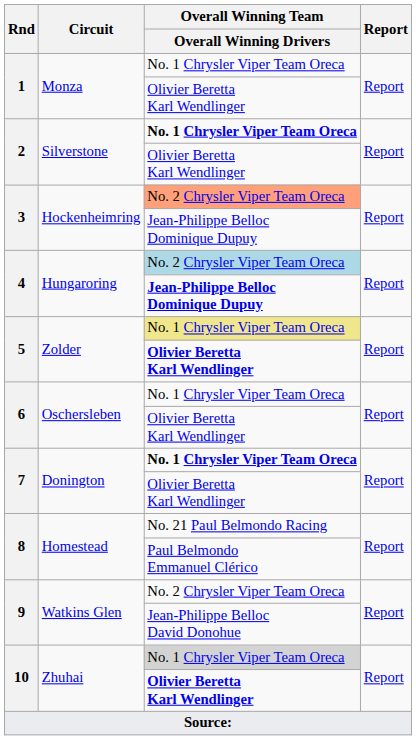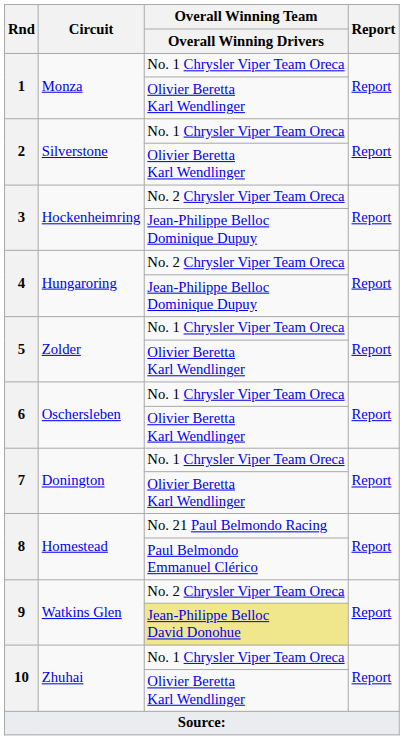 <table class="wikitable" style="font-size: 90%;">
 <tr>
 <th rowspan=2>Rnd</th>
 <th rowspan=2>Circuit</th>
 <th>Overall Winning Team</th>
 <th rowspan=2>Report</th>
 </tr>
 <tr>
 <th>Overall Winning Drivers</th>
 </tr>
 <tr>
 <th rowspan=2>1</th>
 <td rowspan=2><a href='#'>Monza</a></td>
 <td> No. 1 <a href='#'>Chrysler Viper Team Oreca</a></td>
 <td rowspan=2><a href='#'>Report</a></td>
 </tr>
 <tr>
 <td> <a href='#'>Olivier Beretta</a><br> <a href='#'>Karl Wendlinger</a></td>
 </tr>
 <tr>
 <th rowspan=2>2</th>
 <td rowspan=2><a href='#'>Silverstone</a></td>
-<td><strong> No. 1 <a href='#'>Chrysler Viper Team Oreca</a></strong></td>
+<td> No. 1 <a href='#'>Chrysler Viper Team Oreca</a></td>
 <td rowspan=2><a href='#'>Report</a></td>
 </tr>
 <tr>
 <td> <a href='#'>Olivier Beretta</a><br> <a href='#'>Karl Wendlinger</a></td>
 </tr>
 <tr>
 <th rowspan=2>3</th>
 <td rowspan=2><a href='#'>Hockenheimring</a></td>
-<td style="background: lightsalmon;"> No. 2 <a href='#'>Chrysler Viper Team Oreca</a></td>
+<td> No. 2 <a href='#'>Chrysler Viper Team Oreca</a></td>
 <td rowspan=2><a href='#'>Report</a></td>
 </tr>
 <tr>
 <td> <a href='#'>Jean-Philippe Belloc</a><br> <a href='#'>Dominique Dupuy</a></td>
 </tr>
 <tr>
 <th rowspan=2>4</th>
 <td rowspan=2><a href='#'>Hungaroring</a></td>
-<td style="background: lightblue;"> No. 2 <a href='#'>Chrysler Viper Team Oreca</a></td>
+<td> No. 2 <a href='#'>Chrysler Viper Team Oreca</a></td>
 <td rowspan=2><a href='#'>Report</a></td>
 </tr>
 <tr>
-<td><strong> <a href='#'>Jean-Philippe Belloc</a><br> <a href='#'>Dominique Dupuy</a></strong></td>
+<td> <a href='#'>Jean-Philippe Belloc</a><br> <a href='#'>Dominique Dupuy</a></td>
 </tr>
 <tr>
 <th rowspan=2>5</th>
 <td rowspan=2><a href='#'>Zolder</a></td>
-<td style="background: khaki;"> No. 1 <a href='#'>Chrysler Viper Team Oreca</a></td>
+<td> No. 1 <a href='#'>Chrysler Viper Team Oreca</a></td>
 <td rowspan=2><a href='#'>Report</a></td>
 </tr>
 <tr>
-<td><strong> <a href='#'>Olivier Beretta</a><br> <a href='#'>Karl Wendlinger</a></strong></td>
+<td> <a href='#'>Olivier Beretta</a><br> <a href='#'>Karl Wendlinger</a></td>
 </tr>
 <tr>
 <th rowspan=2>6</th>
 <td rowspan=2><a href='#'>Oschersleben</a></td>
 <td> No. 1 <a href='#'>Chrysler Viper Team Oreca</a></td>
 <td rowspan=2><a href='#'>Report</a></td>
 </tr>
 <tr>
 <td> <a href='#'>Olivier Beretta</a><br> <a href='#'>Karl Wendlinger</a></td>
 </tr>
 <tr>
 <th rowspan=2>7</th>
 <td rowspan=2><a href='#'>Donington</a></td>
-<td><strong> No. 1 <a href='#'>Chrysler Viper Team Oreca</a></strong></td>
+<td> No. 1 <a href='#'>Chrysler Viper Team Oreca</a></td>
 <td rowspan=2><a href='#'>Report</a></td>
 </tr>
 <tr>
 <td> <a href='#'>Olivier Beretta</a><br> <a href='#'>Karl Wendlinger</a></td>
 </tr>
 <tr>
 <th rowspan=2>8</th>
 <td rowspan=2><a href='#'>Homestead</a></td>
 <td> No. 21 <a href='#'>Paul Belmondo Racing</a></td>
 <td rowspan=2><a href='#'>Report</a></td>
 </tr>
 <tr>
 <td> <a href='#'>Paul Belmondo</a><br> <a href='#'>Emmanuel Clérico</a></td>
 </tr>
 <tr>
 <th rowspan=2>9</th>
 <td rowspan=2><a href='#'>Watkins Glen</a></td>
 <td> No. 2 <a href='#'>Chrysler Viper Team Oreca</a></td>
 <td rowspan=2><a href='#'>Report</a></td>
 </tr>
 <tr>
-<td> <a href='#'>Jean-Philippe Belloc</a><br> <a href='#'>David Donohue</a></td>
+<td style="background: khaki;"> <a href='#'>Jean-Philippe Belloc</a><br> <a href='#'>David Donohue</a></td>
 </tr>
 <tr>
 <th rowspan=2>10</th>
 <td rowspan=2><a href='#'>Zhuhai</a></td>
-<td style="background: lightgrey;"> No. 1 <a href='#'>Chrysler Viper Team Oreca</a></td>
+<td> No. 1 <a href='#'>Chrysler Viper Team Oreca</a></td>
 <td rowspan=2><a href='#'>Report</a></td>
 </tr>
 <tr>
-<td><strong> <a href='#'>Olivier Beretta</a><br> <a href='#'>Karl Wendlinger</a></strong></td>
+<td> <a href='#'>Olivier Beretta</a><br> <a href='#'>Karl Wendlinger</a></td>
 </tr>
 <tr class="sortbottom">
 <td colspan="4" style="background-color:#EAECF0;text-align:center"><strong>Source:</strong></td>
 </tr>
 </table>
